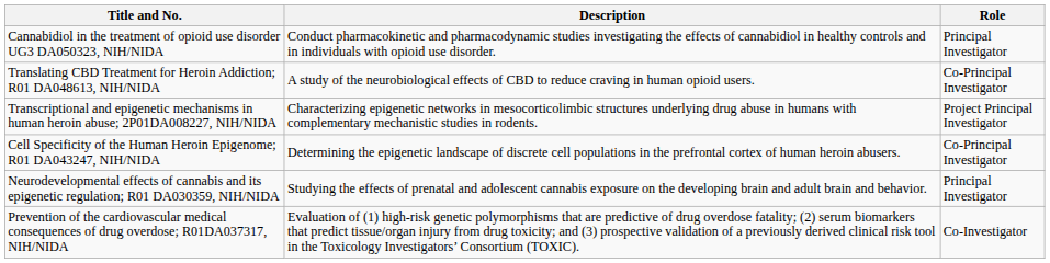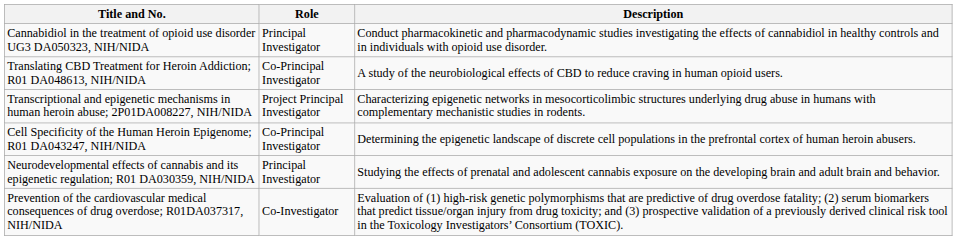 <table class="wikitable">
 <tr>
 <th>Title and No.</th>
+<th>Role</th>
 <th>Description</th>
-<th>Role</th>
 </tr>
 <tr>
 <td>Cannabidiol in the treatment of opioid use disorder UG3 DA050323, NIH/NIDA</td>
+<td>Principal Investigator</td>
 <td>Conduct pharmacokinetic and pharmacodynamic studies investigating the effects of cannabidiol in healthy controls and in individuals with opioid use disorder.</td>
-<td>Principal Investigator</td>
 </tr>
 <tr>
 <td>Translating CBD Treatment for Heroin Addiction; R01 DA048613, NIH/NIDA</td>
+<td>Co-Principal Investigator</td>
 <td>A study of the neurobiological effects of CBD to reduce craving in human opioid users.</td>
-<td>Co-Principal Investigator</td>
 </tr>
 <tr>
 <td>Transcriptional and epigenetic mechanisms in human heroin abuse; 2P01DA008227, NIH/NIDA</td>
+<td>Project Principal Investigator</td>
 <td>Characterizing epigenetic networks in mesocorticolimbic structures underlying drug abuse in humans with complementary mechanistic studies in rodents.  </td>
-<td>Project Principal Investigator</td>
 </tr>
 <tr>
 <td>Cell Specificity of the Human Heroin Epigenome; R01 DA043247, NIH/NIDA</td>
+<td>Co-Principal Investigator</td>
 <td>Determining the epigenetic landscape of discrete cell populations in the prefrontal cortex of human heroin abusers.</td>
-<td>Co-Principal Investigator</td>
 </tr>
 <tr>
 <td>Neurodevelopmental effects of cannabis and its epigenetic regulation; R01 DA030359, NIH/NIDA</td>
+<td>Principal Investigator</td>
 <td>Studying the effects of prenatal and adolescent cannabis exposure on the developing brain and adult brain and behavior.</td>
-<td>Principal Investigator</td>
 </tr>
 <tr>
 <td>Prevention of the cardiovascular medical consequences of drug overdose; R01DA037317, NIH/NIDA</td>
+<td>Co-Investigator</td>
 <td>Evaluation of (1) high-risk genetic polymorphisms that are predictive of drug overdose fatality; (2) serum biomarkers that predict tissue/organ injury from drug toxicity; and (3) prospective validation of a previously derived clinical risk tool in the Toxicology Investigators’ Consortium (TOXIC).</td>
-<td>Co-Investigator</td>
 </tr>
 </table>
